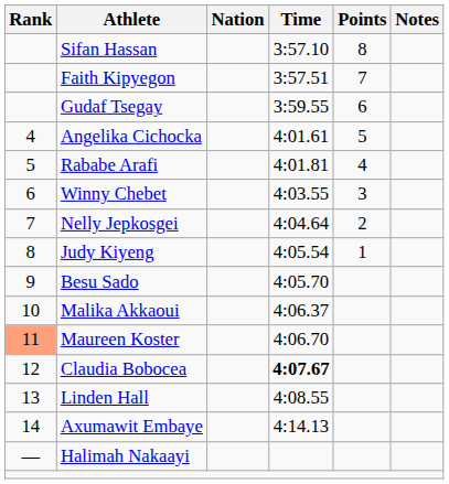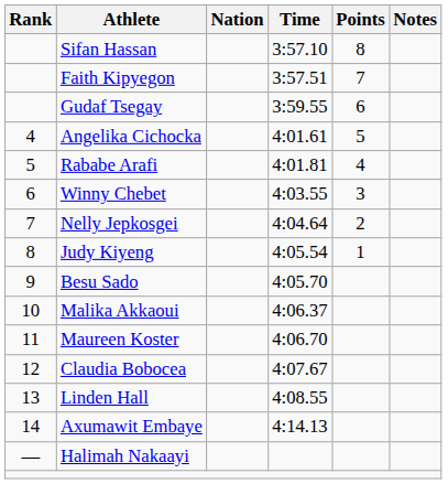 <table class="wikitable mw-datatable sortable" style="text-align:center;">
 <tr>
 <th>Rank</th>
 <th>Athlete</th>
 <th>Nation</th>
 <th>Time</th>
 <th>Points</th>
 <th>Notes</th>
 </tr>
 <tr>
 <td></td>
 <td align=left><a href='#'>Sifan Hassan</a></td>
 <td align=left></td>
 <td>3:57.10</td>
 <td>8</td>
 <td></td>
 </tr>
 <tr>
 <td></td>
 <td align=left><a href='#'>Faith Kipyegon</a></td>
 <td align=left></td>
 <td>3:57.51</td>
 <td>7</td>
 <td></td>
 </tr>
 <tr>
 <td></td>
 <td align=left><a href='#'>Gudaf Tsegay</a></td>
 <td align=left></td>
 <td>3:59.55</td>
 <td>6</td>
 <td></td>
 </tr>
 <tr>
 <td>4</td>
 <td align=left><a href='#'>Angelika Cichocka</a></td>
 <td align=left></td>
 <td>4:01.61</td>
 <td>5</td>
 <td></td>
 </tr>
 <tr>
 <td>5</td>
 <td align=left><a href='#'>Rababe Arafi</a></td>
 <td align=left></td>
 <td>4:01.81</td>
 <td>4</td>
 <td></td>
 </tr>
 <tr>
 <td>6</td>
 <td align=left><a href='#'>Winny Chebet</a></td>
 <td align=left></td>
 <td>4:03.55</td>
 <td>3</td>
 <td></td>
 </tr>
 <tr>
 <td>7</td>
 <td align=left><a href='#'>Nelly Jepkosgei</a></td>
 <td align=left></td>
 <td>4:04.64</td>
 <td>2</td>
 <td></td>
 </tr>
 <tr>
 <td>8</td>
 <td align=left><a href='#'>Judy Kiyeng</a></td>
 <td align=left></td>
 <td>4:05.54</td>
 <td>1</td>
 <td></td>
 </tr>
 <tr>
 <td>9</td>
 <td align=left><a href='#'>Besu Sado</a></td>
 <td align=left></td>
 <td>4:05.70</td>
 <td></td>
 <td></td>
 </tr>
 <tr>
 <td>10</td>
 <td align=left><a href='#'>Malika Akkaoui</a></td>
 <td align=left></td>
 <td>4:06.37</td>
 <td></td>
 <td></td>
 </tr>
 <tr>
-<td style="background: lightsalmon;">11</td>
+<td>11</td>
 <td align=left><a href='#'>Maureen Koster</a></td>
 <td align=left></td>
 <td>4:06.70</td>
 <td></td>
 <td></td>
 </tr>
 <tr>
 <td>12</td>
 <td align=left><a href='#'>Claudia Bobocea</a></td>
 <td align=left></td>
-<td><strong>4:07.67</strong></td>
+<td>4:07.67</td>
 <td></td>
 <td></td>
 </tr>
 <tr>
 <td>13</td>
 <td align=left><a href='#'>Linden Hall</a></td>
 <td align=left></td>
 <td>4:08.55</td>
 <td></td>
 <td></td>
 </tr>
 <tr>
 <td>14</td>
 <td align=left><a href='#'>Axumawit Embaye</a></td>
 <td align=left></td>
 <td>4:14.13</td>
 <td></td>
 <td></td>
 </tr>
 <tr>
 <td>—</td>
 <td align=left><a href='#'>Halimah Nakaayi</a></td>
 <td align=left></td>
 <td></td>
 <td></td>
 <td></td>
 </tr>
 <tr class="sortbottom">
 <td colspan=6></td>
 </tr>
 </table>
